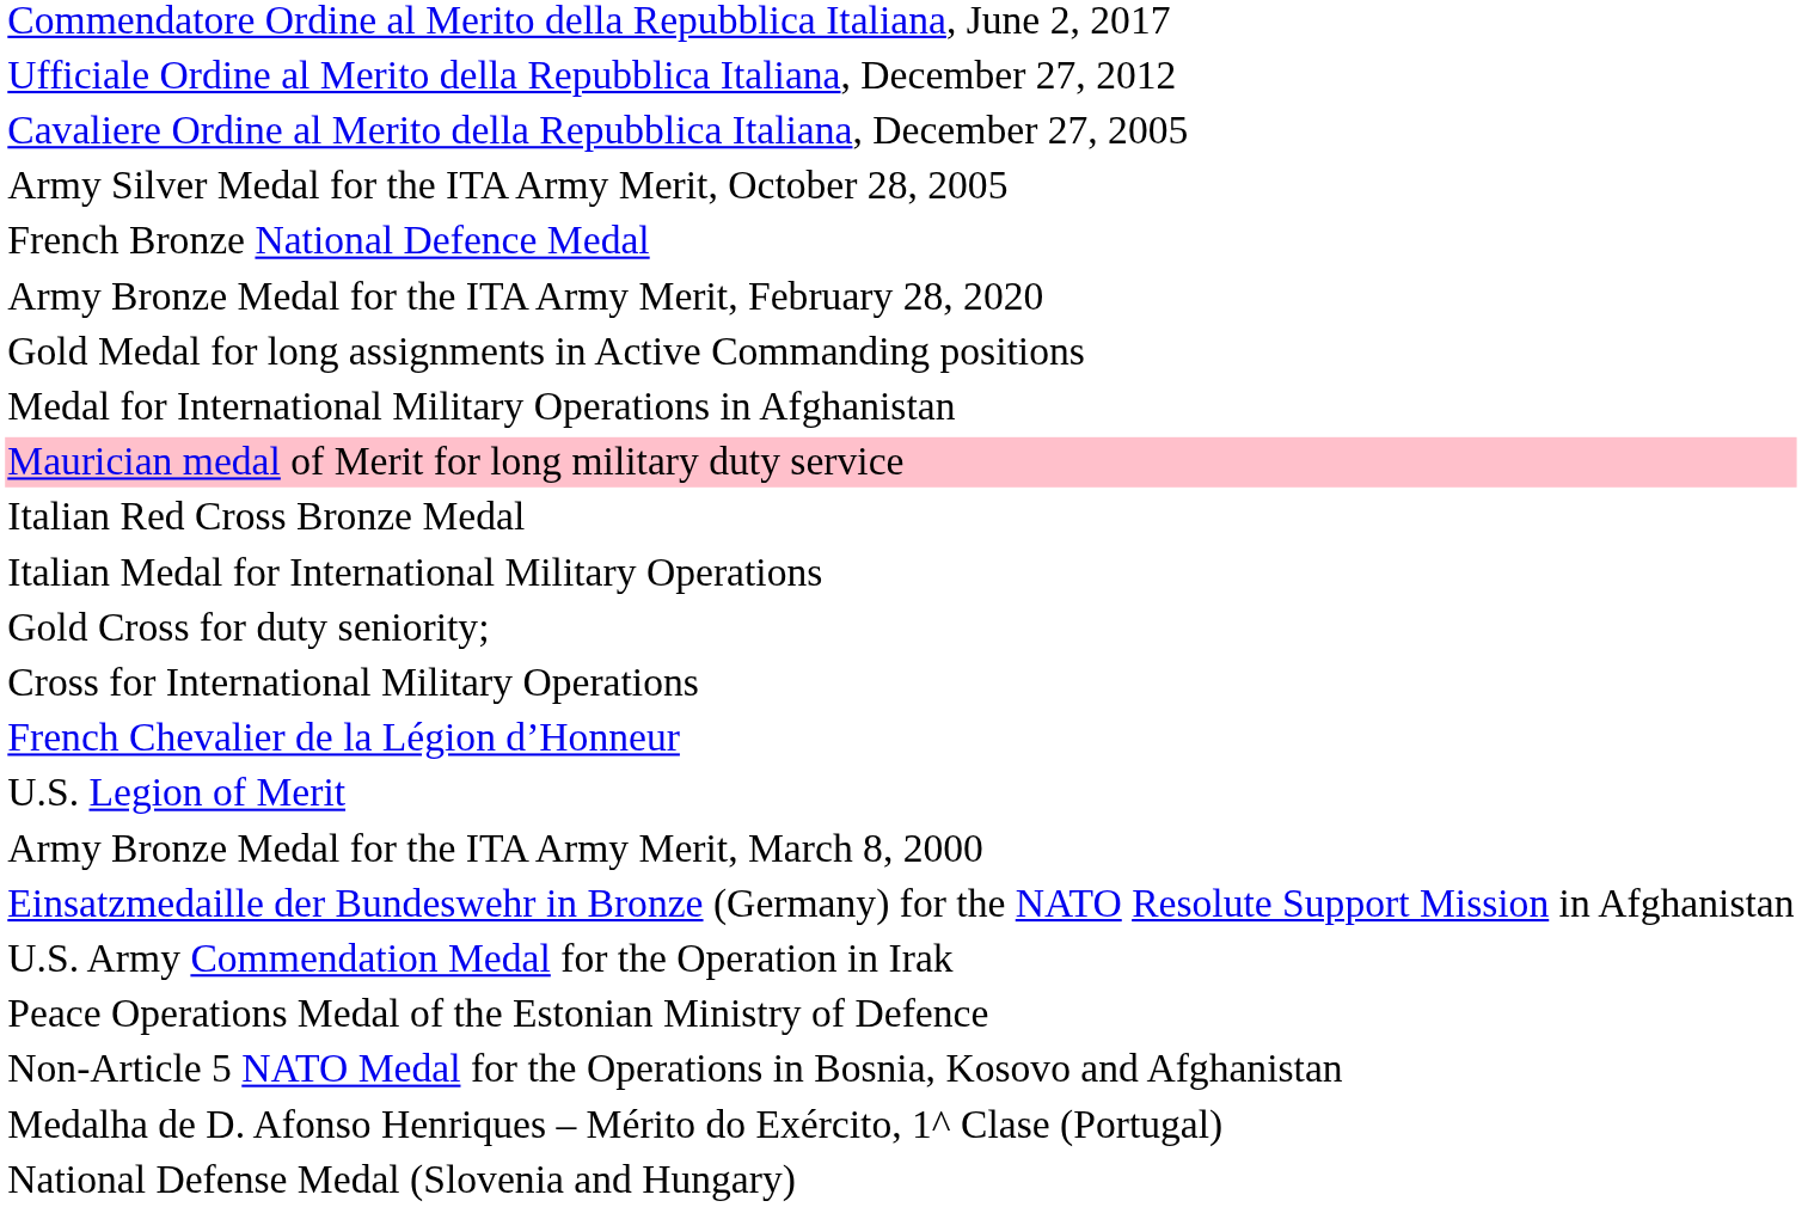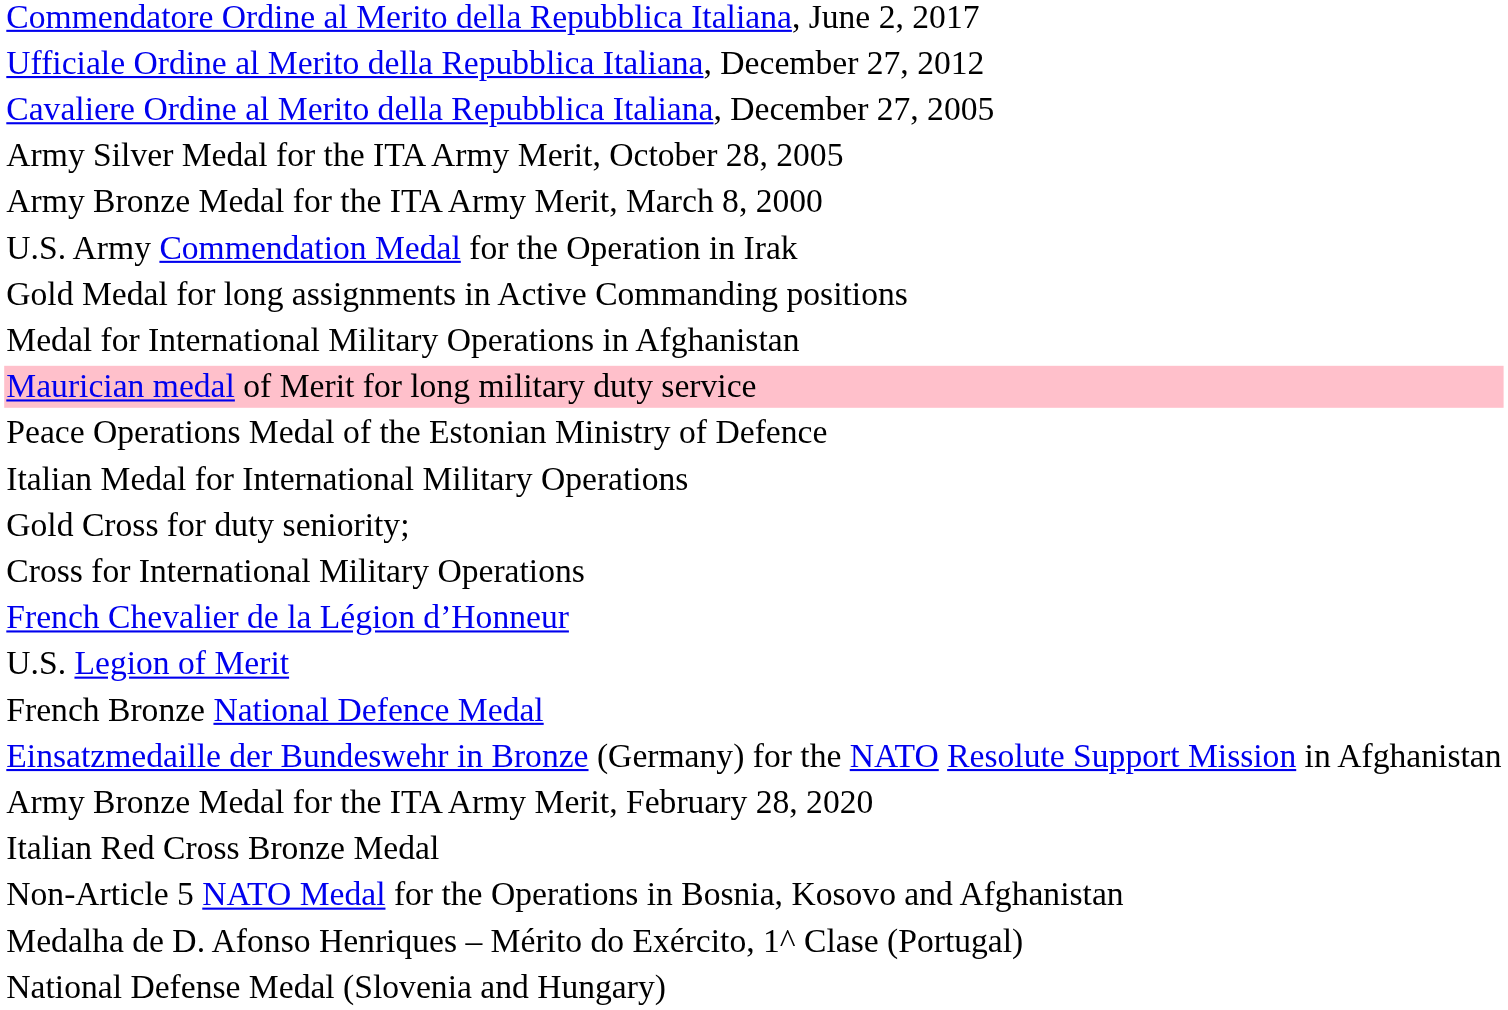 <table>
 <tr>
 <td> <a href='#'>Commendatore Ordine al Merito della Repubblica Italiana</a>, June 2, 2017</td>
 </tr>
 <tr>
 <td> <a href='#'>Ufficiale Ordine al Merito della Repubblica Italiana</a>, December 27, 2012</td>
 </tr>
 <tr>
 <td> <a href='#'>Cavaliere Ordine al Merito della Repubblica Italiana</a>, December 27, 2005</td>
 </tr>
 <tr>
 <td> Army Silver Medal for the ITA Army Merit, October 28, 2005</td>
 </tr>
 <tr>
-<td> French Bronze <a href='#'>National Defence Medal</a></td>
+<td> Army Bronze Medal for the ITA Army Merit, March 8, 2000</td>
 </tr>
 <tr>
-<td> Army Bronze Medal for the ITA Army Merit, February 28, 2020</td>
+<td> U.S. Army <a href='#'>Commendation Medal</a> for the Operation in Irak</td>
 </tr>
 <tr>
 <td> Gold Medal for long assignments in Active Commanding positions</td>
 </tr>
 <tr>
 <td> Medal for International Military Operations in Afghanistan</td>
 </tr>
 <tr>
 <td style="background: pink;"> <a href='#'>Maurician medal</a> of Merit for long military duty service</td>
 </tr>
 <tr>
-<td> Italian Red Cross Bronze Medal</td>
+<td> Peace Operations Medal of the Estonian Ministry of Defence</td>
 </tr>
 <tr>
 <td> Italian Medal for International Military Operations</td>
 </tr>
 <tr>
 <td> Gold Cross for duty seniority;</td>
 </tr>
 <tr>
 <td> Cross for International Military Operations</td>
 </tr>
 <tr>
 <td> <a href='#'>French Chevalier de la Légion d’Honneur</a></td>
 </tr>
 <tr>
 <td> U.S. <a href='#'>Legion of Merit</a></td>
 </tr>
 <tr>
-<td> Army Bronze Medal for the ITA Army Merit, March 8, 2000</td>
+<td> French Bronze <a href='#'>National Defence Medal</a></td>
 </tr>
 <tr>
 <td> <a href='#'>Einsatzmedaille der Bundeswehr in Bronze</a> (Germany) for the <a href='#'>NATO</a> <a href='#'>Resolute Support Mission</a> in Afghanistan</td>
 </tr>
 <tr>
-<td> U.S. Army <a href='#'>Commendation Medal</a> for the Operation in Irak</td>
+<td> Army Bronze Medal for the ITA Army Merit, February 28, 2020</td>
 </tr>
 <tr>
-<td> Peace Operations Medal of the Estonian Ministry of Defence</td>
+<td> Italian Red Cross Bronze Medal</td>
 </tr>
 <tr>
 <td> Non-Article 5 <a href='#'>NATO Medal</a> for the Operations in Bosnia, Kosovo and Afghanistan</td>
 </tr>
 <tr>
 <td>Medalha de D. Afonso Henriques – Mérito do Exército, 1^ Clase (Portugal)</td>
 </tr>
 <tr>
 <td>National Defense Medal (Slovenia and Hungary)</td>
 </tr>
 </table>
